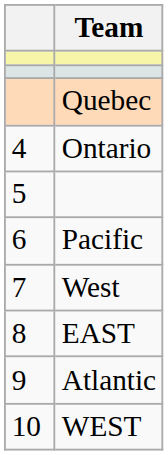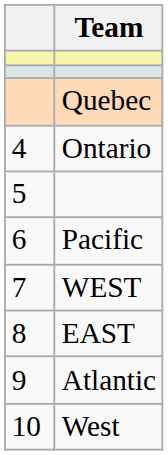 <table class="wikitable">
 <tr>
 <th width=20></th>
 <th>Team</th>
 </tr>
 <tr style="background:#F7F6A8;">
 <td align="center"></td>
 <td></td>
 </tr>
 <tr style="background:#DCE5E5;">
 <td align="center"></td>
 <td></td>
 </tr>
 <tr style="background:#FFDAB9;">
 <td align="center"></td>
 <td> Quebec</td>
 </tr>
 <tr>
 <td>4</td>
 <td> Ontario</td>
 </tr>
 <tr>
 <td>5</td>
 <td></td>
 </tr>
 <tr>
 <td>6</td>
 <td> Pacific</td>
 </tr>
 <tr>
 <td>7</td>
-<td> West</td>
+<td> WEST</td>
 </tr>
 <tr>
 <td>8</td>
 <td> EAST</td>
 </tr>
 <tr>
 <td>9</td>
 <td> Atlantic</td>
 </tr>
 <tr>
 <td>10</td>
-<td> WEST</td>
+<td> West</td>
 </tr>
 </table>
